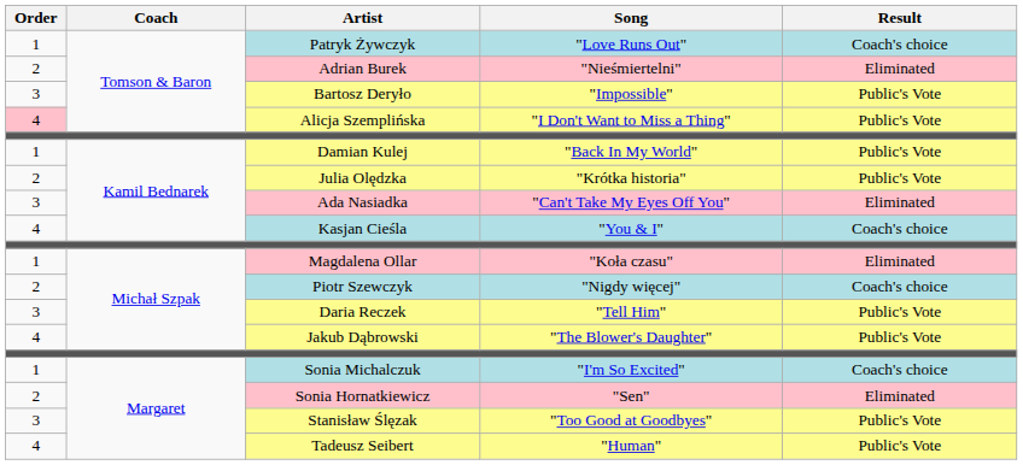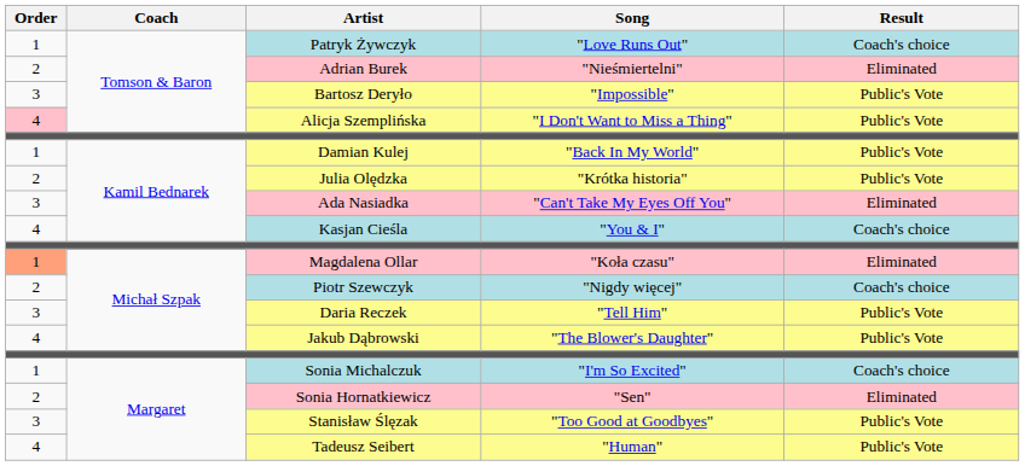 <table class="wikitable" style="text-align:center; width:80%;">
 <tr>
 <th scope="col" style="width:03%;">Order</th>
 <th scope="col" style="width:13%;">Coach</th>
 <th scope="col" style="width:17%;">Artist</th>
 <th scope="col" style="width:22%;">Song</th>
 <th scope="col" style="width:17%;">Result</th>
 </tr>
 <tr>
 <td scope="row">1</td>
 <td rowspan="4"><a href='#'>Tomson & Baron</a></td>
 <td style="background:#b0e0e6;">Patryk Żywczyk</td>
 <td style="background:#b0e0e6;">"<a href='#'>Love Runs Out</a>"</td>
 <td style="background:#b0e0e6;">Coach's choice</td>
 </tr>
 <tr>
 <td scope="row">2</td>
 <td style="background:pink;">Adrian Burek</td>
 <td style="background:pink;">"Nieśmiertelni"</td>
 <td style="background:pink;">Eliminated</td>
 </tr>
 <tr>
 <td scope="row">3</td>
 <td style="background:#fdfc8f;">Bartosz Deryło</td>
 <td style="background:#fdfc8f;">"<a href='#'>Impossible</a>"</td>
 <td style="background:#fdfc8f;">Public's Vote</td>
 </tr>
 <tr>
 <td scope="roow" style="background: pink;">4</td>
 <td style="background:#fdfc8f;">Alicja Szemplińska</td>
 <td style="background:#fdfc8f;">"<a href='#'>I Don't Want to Miss a Thing</a>"</td>
 <td style="background:#fdfc8f;">Public's Vote</td>
 </tr>
 <tr>
 <td colspan="5" style="background:#555;"></td>
 </tr>
 <tr>
 <td scope="row">1</td>
 <td rowspan="4"><a href='#'>Kamil Bednarek</a></td>
 <td style="background:#fdfc8f;">Damian Kulej</td>
 <td style="background:#fdfc8f;">"<a href='#'>Back In My World</a>"</td>
 <td style="background:#fdfc8f;">Public's Vote</td>
 </tr>
 <tr>
 <td scope="row">2</td>
 <td style="background:#fdfc8f;">Julia Olędzka</td>
 <td style="background:#fdfc8f;">"Krótka historia"</td>
 <td style="background:#fdfc8f;">Public's Vote</td>
 </tr>
 <tr>
 <td scope="row">3</td>
 <td style="background:pink;">Ada Nasiadka</td>
 <td style="background:pink;">"<a href='#'>Can't Take My Eyes Off You</a>"</td>
 <td style="background:pink;">Eliminated</td>
 </tr>
 <tr>
 <td scope="row">4</td>
 <td style="background:#b0e0e6;">Kasjan Cieśla</td>
 <td style="background:#b0e0e6;">"<a href='#'>You & I</a>"</td>
 <td style="background:#b0e0e6;">Coach's choice</td>
 </tr>
 <tr>
 <td colspan="5" style="background:#555;"></td>
 </tr>
 <tr>
-<td scope="row">1</td>
+<td scope="row" style="background: lightsalmon;">1</td>
 <td rowspan="4"><a href='#'>Michał Szpak</a></td>
 <td style="background:pink;">Magdalena Ollar</td>
 <td style="background:pink;">"Koła czasu"</td>
 <td style="background:pink;">Eliminated</td>
 </tr>
 <tr>
 <td scope="row">2</td>
 <td style="background:#b0e0e6;">Piotr Szewczyk</td>
 <td style="background:#b0e0e6;">"Nigdy więcej"</td>
 <td style="background:#b0e0e6;">Coach's choice</td>
 </tr>
 <tr>
 <td scope="row">3</td>
 <td style="background:#fdfc8f;">Daria Reczek</td>
 <td style="background:#fdfc8f;">"<a href='#'>Tell Him</a>"</td>
 <td style="background:#fdfc8f;">Public's Vote</td>
 </tr>
 <tr>
 <td scope="row">4</td>
 <td style="background:#fdfc8f;">Jakub Dąbrowski</td>
 <td style="background:#fdfc8f;">"<a href='#'>The Blower's Daughter</a>"</td>
 <td style="background:#fdfc8f;">Public's Vote</td>
 </tr>
 <tr>
 <td colspan="5" style="background:#555;"></td>
 </tr>
 <tr>
 <td scope="row">1</td>
 <td rowspan="4"><a href='#'>Margaret</a></td>
 <td style="background:#b0e0e6;">Sonia Michalczuk</td>
 <td style="background:#b0e0e6;">"<a href='#'>I'm So Excited</a>"</td>
 <td style="background:#b0e0e6;">Coach's choice</td>
 </tr>
 <tr>
 <td scope="row">2</td>
 <td style="background:pink;">Sonia Hornatkiewicz</td>
 <td style="background:pink;">"Sen"</td>
 <td style="background:pink;">Eliminated</td>
 </tr>
 <tr>
 <td scope="row">3</td>
 <td style="background:#fdfc8f;">Stanisław Ślęzak</td>
 <td style="background:#fdfc8f;">"<a href='#'>Too Good at Goodbyes</a>"</td>
 <td style="background:#fdfc8f;">Public's Vote</td>
 </tr>
 <tr>
 <td scope="row">4</td>
 <td style="background:#fdfc8f;">Tadeusz Seibert</td>
 <td style="background:#fdfc8f;">"<a href='#'>Human</a>"</td>
 <td style="background:#fdfc8f;">Public's Vote</td>
 </tr>
 </table>
